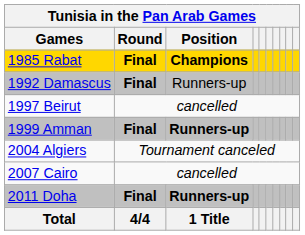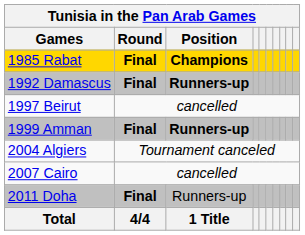 <table class="wikitable" style="font-size: 90%; text-align: center;">
 <tr>
 <th colspan=10>Tunisia in the <a href='#'>Pan Arab Games</a></th>
 </tr>
 <tr>
 <th>Games</th>
 <th>Round</th>
 <th>Position</th>
 <th></th>
 <th></th>
 <th></th>
 <th></th>
 <th></th>
 <th></th>
 <th></th>
 </tr>
 <tr bgcolor=gold>
 <td align="left"> <a href='#'>1985 Rabat</a></td>
 <td><strong>Final</strong></td>
 <td><strong>Champions</strong></td>
 <td></td>
 <td></td>
 <td></td>
 <td></td>
 <td></td>
 <td></td>
 <td></td>
 </tr>
 <tr style="background:silver;">
 <td align="left"> <a href='#'>1992 Damascus</a></td>
 <td><strong>Final</strong></td>
-<td>Runners-up</td>
+<td><strong>Runners-up</strong></td>
 <td></td>
 <td></td>
 <td></td>
 <td></td>
 <td></td>
 <td></td>
 <td></td>
 </tr>
 <tr>
 <td align="left"> <a href='#'>1997 Beirut</a></td>
 <td colspan="9"><em>cancelled</em></td>
 </tr>
 <tr style="background:silver;">
 <td align="left"> <a href='#'>1999 Amman</a></td>
 <td><strong>Final</strong></td>
 <td><strong>Runners-up</strong></td>
 <td></td>
 <td></td>
 <td></td>
 <td></td>
 <td></td>
 <td></td>
 <td></td>
 </tr>
 <tr>
 <td align="left"> <a href='#'>2004 Algiers</a></td>
 <td colspan="9"><em>Tournament canceled</em></td>
 </tr>
 <tr>
 <td align="left"> <a href='#'>2007 Cairo</a></td>
 <td colspan="9"><em>cancelled</em></td>
 </tr>
 <tr style="background:silver;">
 <td align="left"> <a href='#'>2011 Doha</a></td>
 <td><strong>Final</strong></td>
-<td><strong>Runners-up</strong></td>
+<td>Runners-up</td>
 <td></td>
 <td></td>
 <td></td>
 <td></td>
 <td></td>
 <td></td>
 <td></td>
 </tr>
 <tr>
 <th>Total</th>
 <th>4/4</th>
 <th>1 Title</th>
 <th></th>
 <th></th>
 <th></th>
 <th></th>
 <th></th>
 <th></th>
 <th></th>
 </tr>
 </table>
